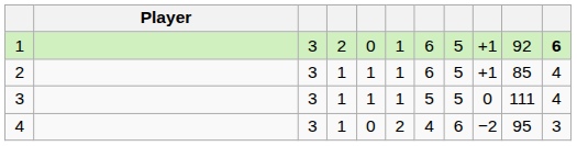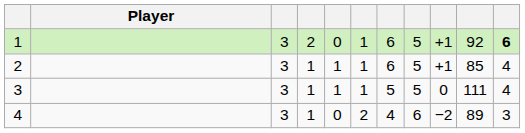 <table class="wikitable" style="text-align:center; margin: 1em auto 1em auto, align:left">
 <tr>
 <th width=20></th>
 <th width=240>Player</th>
 <th width=20></th>
 <th width=20></th>
 <th width=20></th>
 <th width=20></th>
 <th width=20></th>
 <th width=20></th>
 <th width=20></th>
 <th width=30></th>
 <th width=20></th>
 </tr>
 <tr style="background:#D0F0C0;">
 <td>1</td>
 <td align=left></td>
 <td>3</td>
 <td>2</td>
 <td>0</td>
 <td>1</td>
 <td>6</td>
 <td>5</td>
 <td>+1</td>
 <td>92</td>
 <td><strong>6</strong></td>
 </tr>
 <tr style=>
 <td>2</td>
 <td align=left></td>
 <td>3</td>
 <td>1</td>
 <td>1</td>
 <td>1</td>
 <td>6</td>
 <td>5</td>
 <td>+1</td>
 <td>85</td>
 <td>4</td>
 </tr>
 <tr style=>
 <td>3</td>
 <td align=left></td>
 <td>3</td>
 <td>1</td>
 <td>1</td>
 <td>1</td>
 <td>5</td>
 <td>5</td>
 <td>0</td>
 <td>111</td>
 <td>4</td>
 </tr>
 <tr style=>
 <td>4</td>
 <td align=left></td>
 <td>3</td>
 <td>1</td>
 <td>0</td>
 <td>2</td>
 <td>4</td>
 <td>6</td>
 <td>−2</td>
-<td>95</td>
+<td>89</td>
 <td>3</td>
 </tr>
 </table>
